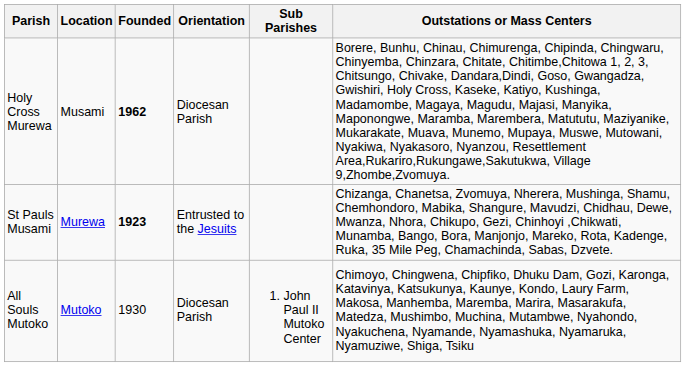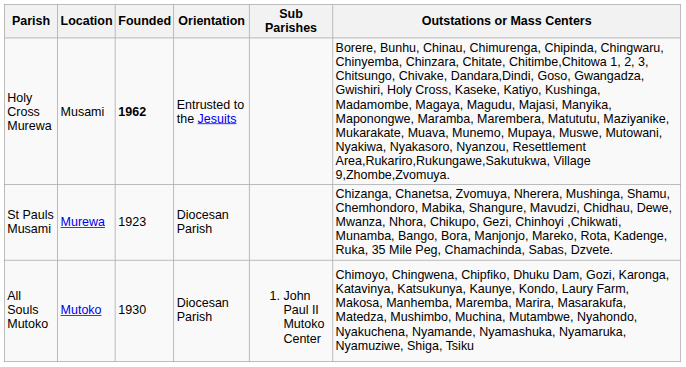 <table class="wikitable sortable">
 <tr>
 <th>Parish</th>
 <th>Location</th>
 <th>Founded</th>
 <th>Orientation</th>
 <th>Sub Parishes</th>
 <th>Outstations or Mass Centers</th>
 </tr>
 <tr>
 <td>Holy Cross Murewa</td>
 <td>Musami</td>
 <td><strong>1962</strong></td>
-<td>Diocesan Parish</td>
+<td>Entrusted to the <a href='#'>Jesuits</a></td>
 <td></td>
 <td>Borere, Bunhu, Chinau, Chimurenga, Chipinda, Chingwaru, Chinyemba, Chinzara, Chitate, Chitimbe,Chitowa 1, 2, 3, Chitsungo, Chivake, Dandara,Dindi, Goso, Gwangadza, Gwishiri, Holy Cross, Kaseke, Katiyo, Kushinga, Madamombe, Magaya, Magudu, Majasi, Manyika, Maponongwe, Maramba, Marembera, Matututu, Maziyanike, Mukarakate, Muava, Munemo, Mupaya, Muswe, Mutowani, Nyakiwa, Nyakasoro, Nyanzou, Resettlement Area,Rukariro,Rukungawe,Sakutukwa, Village 9,Zhombe,Zvomuya.</td>
 </tr>
 <tr>
 <td>St Pauls Musami</td>
 <td><a href='#'>Murewa</a></td>
-<td><strong>1923</strong></td>
-<td>Entrusted to the <a href='#'>Jesuits</a></td>
+<td>1923</td>
+<td>Diocesan Parish</td>
 <td></td>
 <td>Chizanga, Chanetsa, Zvomuya, Nherera, Mushinga, Shamu, Chemhondoro, Mabika, Shangure, Mavudzi, Chidhau, Dewe, Mwanza, Nhora, Chikupo, Gezi, Chinhoyi ,Chikwati, Munamba, Bango, Bora, Manjonjo, Mareko, Rota, Kadenge, Ruka, 35 Mile Peg, Chamachinda, Sabas, Dzvete.</td>
 </tr>
 <tr>
 <td>All Souls Mutoko</td>
 <td><a href='#'>Mutoko</a></td>
 <td>1930</td>
 <td>Diocesan Parish</td>
 <td><br><ol><li>John Paul II Mutoko Center</li></ol></td>
 <td>Chimoyo, Chingwena, Chipfiko, Dhuku Dam, Gozi, Karonga, Katavinya, Katsukunya, Kaunye, Kondo, Laury Farm, Makosa, Manhemba, Maremba, Marira, Masarakufa, Matedza, Mushimbo, Muchina, Mutambwe, Nyahondo, Nyakuchena, Nyamande, Nyamashuka, Nyamaruka, Nyamuziwe, Shiga, Tsiku</td>
 </tr>
 </table>
